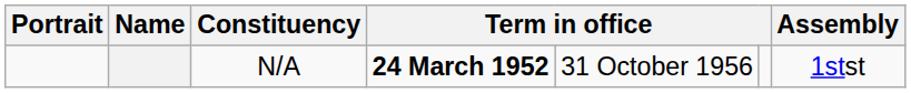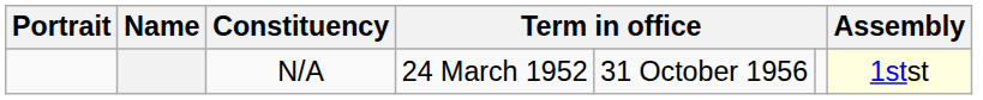 <table class="wikitable" style="text-align:center">
 <tr align=center>
 <th scope="col">Portrait</th>
 <th scope="col">Name</th>
 <th scope="col">Constituency</th>
 <th colspan="3" scope="colgroup">Term in office</th>
 <th scope="col">Assembly</th>
 </tr>
 <tr align=center>
 <td></td>
 <th scope="row"></th>
 <td>N/A</td>
-<td><strong>24 March 1952</strong></td>
+<td>24 March 1952</td>
 <td>31 October 1956</td>
 <td></td>
-<td><a href='#'>1st</a>st</td>
+<td style="background: lightyellow;"><a href='#'>1st</a>st</td>
 </tr>
 </table>
